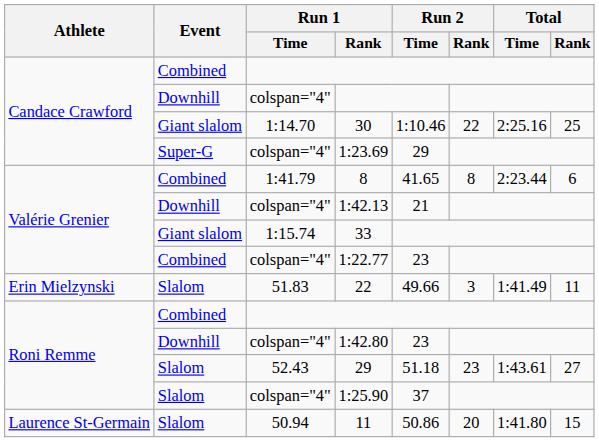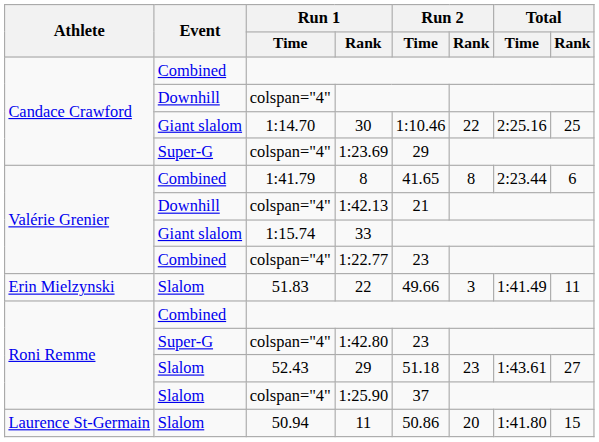 <table class="wikitable" style="font-size:90%">
 <tr>
 <th rowspan=2>Athlete</th>
 <th rowspan=2>Event</th>
 <th colspan=2>Run 1</th>
 <th colspan=2>Run 2</th>
 <th colspan=2>Total</th>
 </tr>
 <tr style="font-size:95%">
 <th>Time</th>
 <th>Rank</th>
 <th>Time</th>
 <th>Rank</th>
 <th>Time</th>
 <th>Rank</th>
 </tr>
 <tr align=center>
 <td align=left rowspan="4"><a href='#'>Candace Crawford</a></td>
 <td align=left><a href='#'>Combined</a></td>
 <td colspan="6"></td>
 </tr>
 <tr align=center>
 <td align="left"><a href='#'>Downhill</a></td>
 <td>colspan="4" </td>
 <td colspan="2"></td>
 </tr>
 <tr align=center>
 <td align=left><a href='#'>Giant slalom</a></td>
 <td>1:14.70</td>
 <td>30</td>
 <td>1:10.46</td>
 <td>22</td>
 <td>2:25.16</td>
 <td>25</td>
 </tr>
 <tr align=center>
 <td align=left><a href='#'>Super-G</a></td>
 <td>colspan="4" </td>
 <td>1:23.69</td>
 <td>29</td>
 </tr>
 <tr align=center>
 <td align=left rowspan="4"><a href='#'>Valérie Grenier</a></td>
 <td align="left"><a href='#'>Combined</a></td>
 <td>1:41.79</td>
 <td>8</td>
 <td>41.65</td>
 <td>8</td>
 <td>2:23.44</td>
 <td>6</td>
 </tr>
 <tr align=center>
 <td align="left"><a href='#'>Downhill</a></td>
 <td>colspan="4" </td>
 <td>1:42.13</td>
 <td>21</td>
 </tr>
 <tr align=center>
 <td align=left><a href='#'>Giant slalom</a></td>
 <td>1:15.74</td>
 <td>33</td>
 <td colspan="4"></td>
 </tr>
 <tr align=center>
 <td align="left"><a href='#'>Combined</a></td>
 <td>colspan="4" </td>
 <td>1:22.77</td>
 <td>23</td>
 </tr>
 <tr align=center>
 <td align=left><a href='#'>Erin Mielzynski</a></td>
 <td align=left><a href='#'>Slalom</a></td>
 <td>51.83</td>
 <td>22</td>
 <td>49.66</td>
 <td>3</td>
 <td>1:41.49</td>
 <td>11</td>
 </tr>
 <tr align=center>
 <td align=left rowspan="4"><a href='#'>Roni Remme</a></td>
 <td align="left"><a href='#'>Combined</a></td>
 <td colspan="6"></td>
 </tr>
 <tr align="center">
-<td align="left"><a href='#'>Downhill</a></td>
+<td align=left><a href='#'>Super-G</a></td>
 <td>colspan="4" </td>
 <td>1:42.80</td>
 <td>23</td>
 </tr>
 <tr align=center>
 <td align=left><a href='#'>Slalom</a></td>
 <td>52.43</td>
 <td>29</td>
 <td>51.18</td>
 <td>23</td>
 <td>1:43.61</td>
 <td>27</td>
 </tr>
 <tr align=center>
 <td align=left><a href='#'>Slalom</a></td>
 <td>colspan="4" </td>
 <td>1:25.90</td>
 <td>37</td>
 </tr>
 <tr align=center>
 <td align=left><a href='#'>Laurence St-Germain</a></td>
 <td align=left><a href='#'>Slalom</a></td>
 <td>50.94</td>
 <td>11</td>
 <td>50.86</td>
 <td>20</td>
 <td>1:41.80</td>
 <td>15</td>
 </tr>
 </table>
